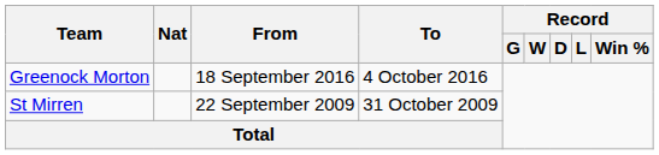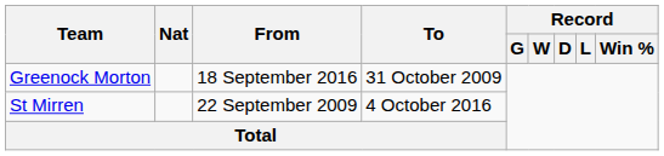 <table class="wikitable" style="text-align: center">
 <tr>
 <th rowspan="2">Team</th>
 <th rowspan="2">Nat</th>
 <th rowspan="2">From</th>
 <th rowspan="2">To</th>
 <th colspan="5">Record</th>
 </tr>
 <tr>
 <th>G</th>
 <th>W</th>
 <th>D</th>
 <th>L</th>
 <th>Win %</th>
 </tr>
 <tr>
 <td align=left><a href='#'>Greenock Morton</a></td>
 <td></td>
 <td align=left>18 September 2016</td>
-<td align=left>4 October 2016<br></td>
+<td align=left>31 October 2009<br></td>
 </tr>
 <tr>
 <td align=left><a href='#'>St Mirren</a></td>
 <td></td>
 <td align=left>22 September 2009</td>
-<td align=left>31 October 2009<br></td>
+<td align=left>4 October 2016<br></td>
 </tr>
 <tr>
 <th colspan="4">Total<br></th>
 </tr>
 </table>
